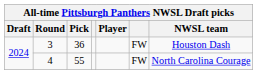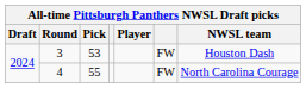 <table class="wikitable sortable" style="text-align: center;">
 <tr>
 <th colspan="7" style="background:#">All-time <a href='#'><span>Pittsburgh Panthers</span></a> NWSL Draft picks</th>
 </tr>
 <tr>
 <th scope="col">Draft</th>
 <th scope="col">Round</th>
 <th scope="col">Pick</th>
 <th scope="col"></th>
 <th scope="col">Player</th>
 <th scope="col"></th>
 <th scope="col">NWSL team</th>
 </tr>
 <tr>
 <td rowspan="2"><a href='#'>2024</a></td>
 <td>3</td>
-<td>36</td>
+<td>53</td>
 <td></td>
 <td></td>
 <td>FW</td>
 <td><a href='#'>Houston Dash</a></td>
 </tr>
 <tr>
 <td>4</td>
 <td>55</td>
 <td></td>
 <td></td>
 <td>FW</td>
 <td><a href='#'>North Carolina Courage</a></td>
 </tr>
 </table>
